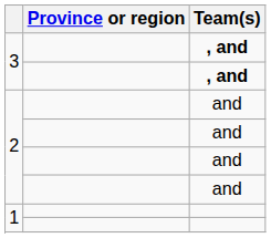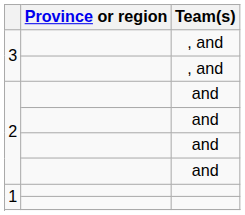 <table class="wikitable sortable" style="text-align:center">
 <tr>
 <th></th>
 <th><a href='#'>Province</a> or region</th>
 <th>Team(s)</th>
 </tr>
 <tr>
 <td rowspan=2>3</td>
 <td align="left"><em></em></td>
-<td><strong>,  and </strong></td>
+<td>,  and </td>
 </tr>
 <tr>
 <td align="left"><em></em></td>
-<td><strong>,  and </strong></td>
+<td>,  and </td>
 </tr>
 <tr>
 <td rowspan=4>2</td>
 <td align="left"><em></em></td>
 <td> and </td>
 </tr>
 <tr>
 <td align="left"><em></em></td>
 <td> and </td>
 </tr>
 <tr>
 <td align="left"><em></em></td>
 <td> and </td>
 </tr>
 <tr>
 <td align="left"><em></em></td>
 <td> and </td>
 </tr>
 <tr>
 <td rowspan=3>1</td>
 <td align="left"><em></em></td>
 <td></td>
 </tr>
 <tr>
 <td align="left"><em></em></td>
 <td></td>
 </tr>
 <tr>
 </tr>
 </table>
